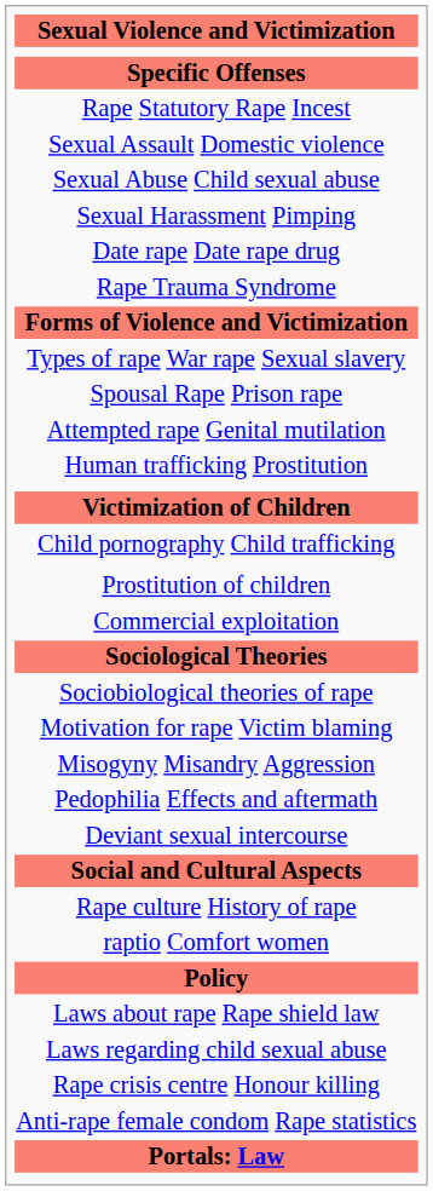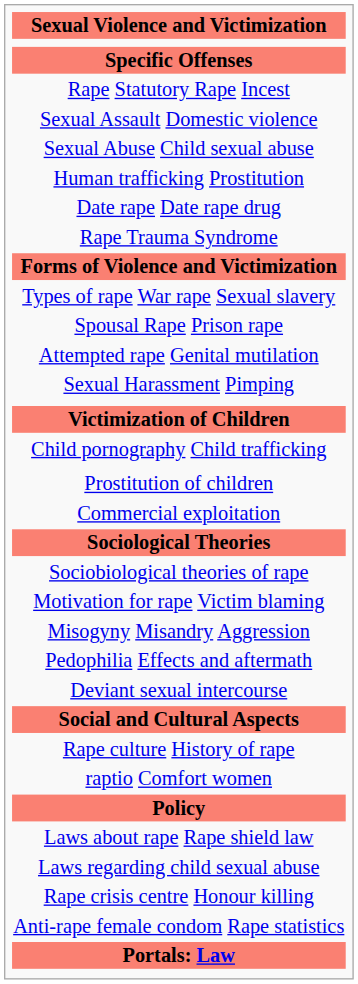 <table class="infobox" style="text-align: center; font-size: 95%;">
 <tr>
 <th style="background:salmon;"><strong>Sexual Violence and Victimization</strong></th>
 </tr>
 <tr>
 <td></td>
 </tr>
 <tr>
 <th style="background:salmon;">Specific Offenses</th>
 </tr>
 <tr>
 <td><a href='#'>Rape</a> <a href='#'>Statutory Rape</a> <a href='#'>Incest</a></td>
 </tr>
 <tr>
 <td><a href='#'>Sexual Assault</a> <a href='#'>Domestic violence</a></td>
 </tr>
 <tr>
 <td><a href='#'>Sexual Abuse</a> <a href='#'>Child sexual abuse</a></td>
 </tr>
 <tr>
-<td><a href='#'>Sexual Harassment</a> <a href='#'>Pimping</a></td>
+<td><a href='#'>Human trafficking</a> <a href='#'>Prostitution</a></td>
 </tr>
 <tr>
 <td><a href='#'>Date rape</a> <a href='#'>Date rape drug</a></td>
 </tr>
 <tr>
 <td><a href='#'>Rape Trauma Syndrome</a></td>
 </tr>
 <tr>
 <th style="background:salmon;">Forms of Violence and Victimization</th>
 </tr>
 <tr>
 <td><a href='#'>Types of rape</a> <a href='#'>War rape</a> <a href='#'>Sexual slavery</a></td>
 </tr>
 <tr>
 <td><a href='#'>Spousal Rape</a> <a href='#'>Prison rape</a></td>
 </tr>
 <tr>
 <td><a href='#'>Attempted rape</a> <a href='#'>Genital mutilation</a></td>
 </tr>
 <tr>
-<td><a href='#'>Human trafficking</a> <a href='#'>Prostitution</a></td>
+<td><a href='#'>Sexual Harassment</a> <a href='#'>Pimping</a></td>
 </tr>
 <tr>
 <td></td>
 </tr>
 <tr>
 <th style="background:salmon;">Victimization of Children</th>
 </tr>
 <tr>
 <td><a href='#'>Child pornography</a> <a href='#'>Child trafficking</a></td>
 </tr>
 <tr>
 <td></td>
 </tr>
 <tr>
 <td><a href='#'>Prostitution of children</a></td>
 </tr>
 <tr>
 <td><a href='#'>Commercial exploitation</a></td>
 </tr>
 <tr>
 <th style="background:salmon;">Sociological Theories</th>
 </tr>
 <tr>
 <td><a href='#'>Sociobiological theories of rape</a></td>
 </tr>
 <tr>
 <td><a href='#'>Motivation for rape</a> <a href='#'>Victim blaming</a></td>
 </tr>
 <tr>
 <td><a href='#'>Misogyny</a> <a href='#'>Misandry</a> <a href='#'>Aggression</a></td>
 </tr>
 <tr>
 <td><a href='#'>Pedophilia</a>  <a href='#'>Effects and aftermath</a></td>
 </tr>
 <tr>
 <td><a href='#'>Deviant sexual intercourse</a></td>
 </tr>
 <tr>
 <th style="background:salmon;">Social and Cultural Aspects</th>
 </tr>
 <tr>
 <td><a href='#'>Rape culture</a> <a href='#'>History of rape</a></td>
 </tr>
 <tr>
 <td><a href='#'>raptio</a> <a href='#'>Comfort women</a></td>
 </tr>
 <tr>
 <th style="background:salmon">Policy</th>
 </tr>
 <tr>
 <td><a href='#'>Laws about rape</a> <a href='#'>Rape shield law</a></td>
 </tr>
 <tr>
 <td><a href='#'>Laws regarding child sexual abuse</a></td>
 </tr>
 <tr>
 <td><a href='#'>Rape crisis centre</a> <a href='#'>Honour killing</a></td>
 </tr>
 <tr>
 <td><a href='#'>Anti-rape female condom</a> <a href='#'>Rape statistics</a></td>
 </tr>
 <tr>
 <th style="background:Salmon;">Portals: <a href='#'>Law</a></th>
 </tr>
 <tr>
 </tr>
 </table>
